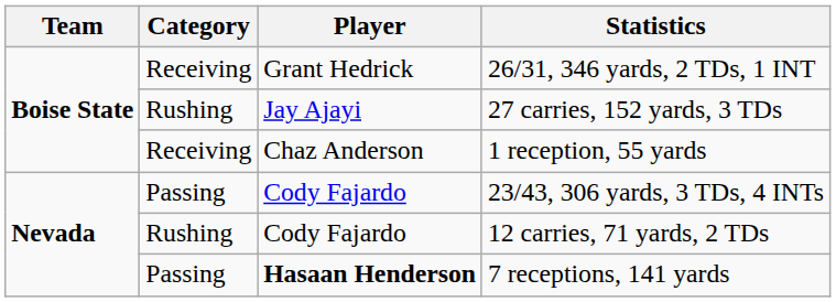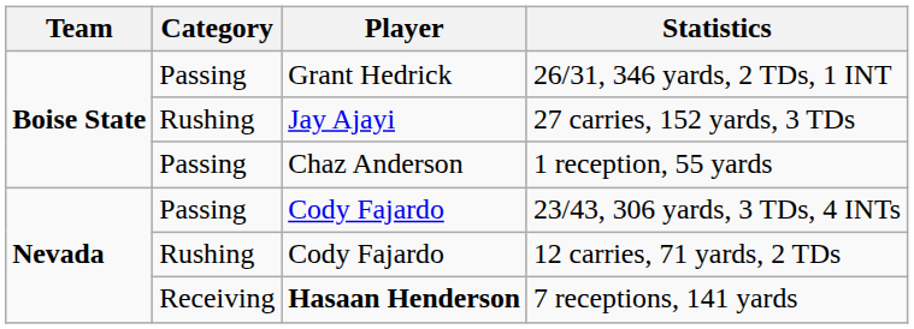 <table class="wikitable" style="float: left;">
 <tr>
 <th>Team</th>
 <th>Category</th>
 <th>Player</th>
 <th>Statistics</th>
 </tr>
 <tr>
 <td rowspan=3><strong>Boise State</strong></td>
-<td>Receiving</td>
+<td>Passing</td>
 <td>Grant Hedrick</td>
 <td>26/31, 346 yards, 2 TDs, 1 INT</td>
 </tr>
 <tr>
 <td>Rushing</td>
 <td><a href='#'>Jay Ajayi</a></td>
 <td>27 carries, 152 yards, 3 TDs</td>
 </tr>
 <tr>
-<td>Receiving</td>
+<td>Passing</td>
 <td>Chaz Anderson</td>
 <td>1 reception, 55 yards</td>
 </tr>
 <tr>
 <td rowspan=3><strong>Nevada</strong></td>
 <td>Passing</td>
 <td><a href='#'>Cody Fajardo</a></td>
 <td>23/43, 306 yards, 3 TDs, 4 INTs</td>
 </tr>
 <tr>
 <td>Rushing</td>
 <td>Cody Fajardo</td>
 <td>12 carries, 71 yards, 2 TDs</td>
 </tr>
 <tr>
-<td>Passing</td>
+<td>Receiving</td>
 <td><strong>Hasaan Henderson</strong></td>
 <td>7 receptions, 141 yards</td>
 </tr>
 </table>
